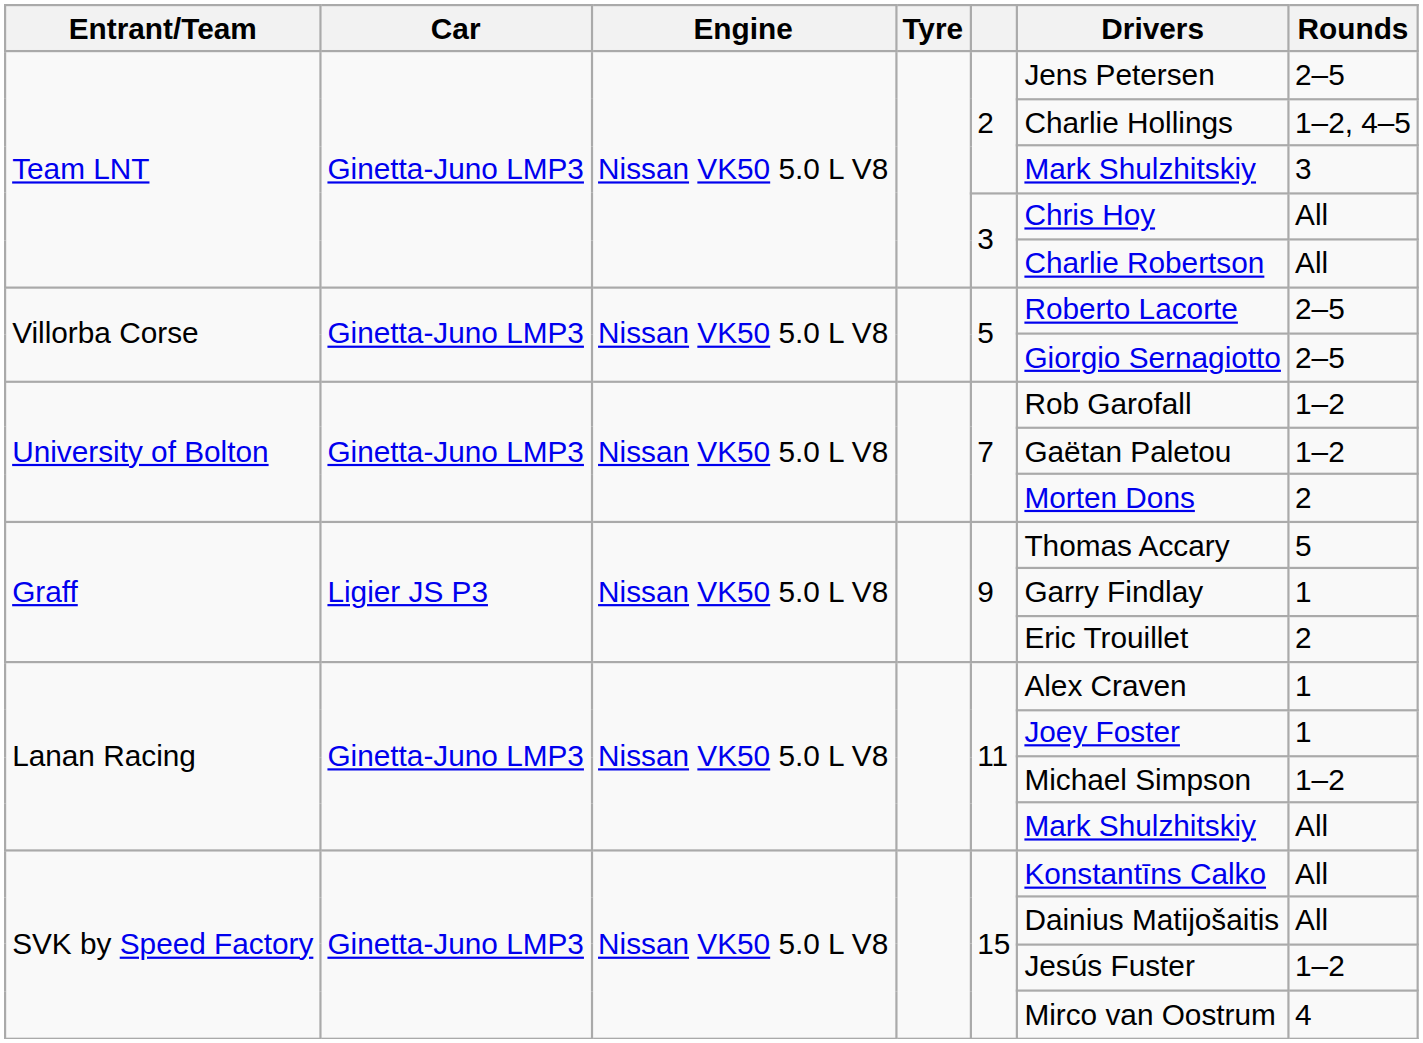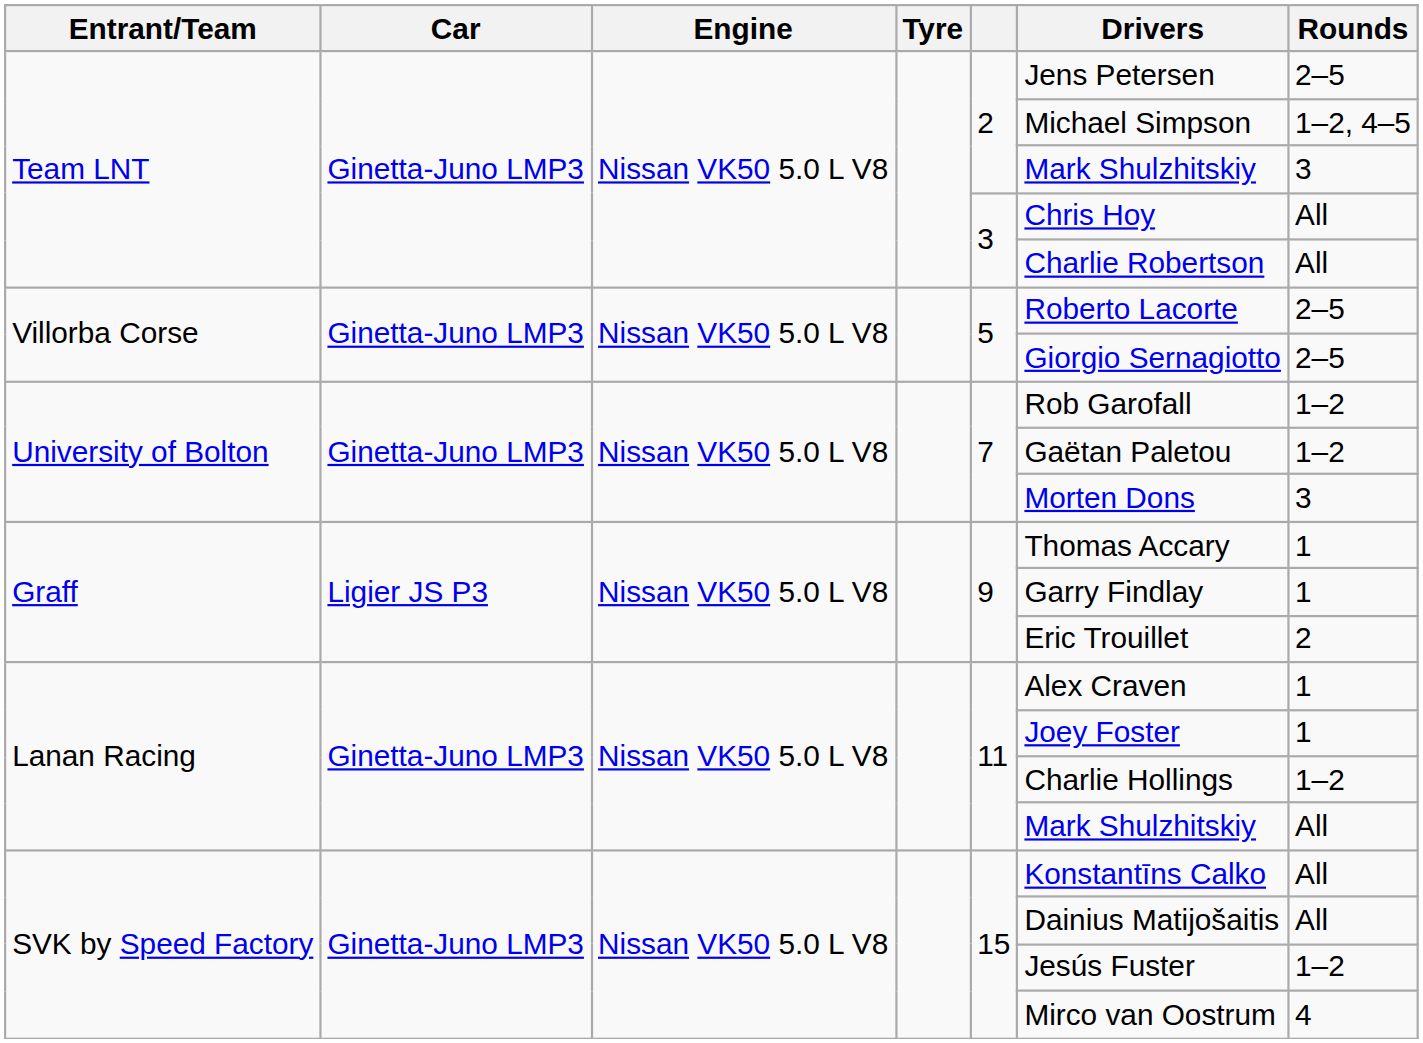 <table class="wikitable" style="font-size: 85%">
 <tr>
 <th>Entrant/Team</th>
 <th>Car</th>
 <th>Engine</th>
 <th>Tyre</th>
 <th></th>
 <th>Drivers</th>
 <th>Rounds</th>
 </tr>
 <tr>
 <td rowspan=5> <a href='#'>Team LNT</a></td>
 <td rowspan=5><a href='#'>Ginetta-Juno LMP3</a></td>
 <td rowspan=5><a href='#'>Nissan</a> <a href='#'>VK50</a> 5.0 L V8</td>
 <td rowspan=5></td>
 <td rowspan=3>2</td>
 <td> Jens Petersen</td>
 <td>2–5</td>
 </tr>
 <tr>
-<td> Charlie Hollings</td>
+<td> Michael Simpson</td>
 <td>1–2, 4–5</td>
 </tr>
 <tr>
 <td> <a href='#'>Mark Shulzhitskiy</a></td>
 <td>3</td>
 </tr>
 <tr>
 <td rowspan=2>3</td>
 <td> <a href='#'>Chris Hoy</a></td>
 <td>All</td>
 </tr>
 <tr>
 <td> <a href='#'>Charlie Robertson</a></td>
 <td>All</td>
 </tr>
 <tr>
 <td rowspan=2> Villorba Corse</td>
 <td rowspan=2><a href='#'>Ginetta-Juno LMP3</a></td>
 <td rowspan=2><a href='#'>Nissan</a> <a href='#'>VK50</a> 5.0 L V8</td>
 <td rowspan=2></td>
 <td rowspan=2>5</td>
 <td> <a href='#'>Roberto Lacorte</a></td>
 <td>2–5</td>
 </tr>
 <tr>
 <td> <a href='#'>Giorgio Sernagiotto</a></td>
 <td>2–5</td>
 </tr>
 <tr>
 <td rowspan=3> <a href='#'>University of Bolton</a></td>
 <td rowspan=3><a href='#'>Ginetta-Juno LMP3</a></td>
 <td rowspan=3><a href='#'>Nissan</a> <a href='#'>VK50</a> 5.0 L V8</td>
 <td rowspan=3></td>
 <td rowspan=3>7</td>
 <td> Rob Garofall</td>
 <td>1–2</td>
 </tr>
 <tr>
 <td> Gaëtan Paletou</td>
 <td>1–2</td>
 </tr>
 <tr>
 <td> <a href='#'>Morten Dons</a></td>
-<td>2</td>
+<td>3</td>
 </tr>
 <tr>
 <td rowspan=3> <a href='#'>Graff</a></td>
 <td rowspan=3><a href='#'>Ligier JS P3</a></td>
 <td rowspan=3><a href='#'>Nissan</a> <a href='#'>VK50</a> 5.0 L V8</td>
 <td rowspan=3></td>
 <td rowspan=3>9</td>
 <td> Thomas Accary</td>
-<td>5</td>
+<td>1</td>
 </tr>
 <tr>
 <td> Garry Findlay</td>
 <td>1</td>
 </tr>
 <tr>
 <td> Eric Trouillet</td>
 <td>2</td>
 </tr>
 <tr>
 <td rowspan=4> Lanan Racing</td>
 <td rowspan=4><a href='#'>Ginetta-Juno LMP3</a></td>
 <td rowspan=4><a href='#'>Nissan</a> <a href='#'>VK50</a> 5.0 L V8</td>
 <td rowspan=4></td>
 <td rowspan=4>11</td>
 <td> Alex Craven</td>
 <td>1</td>
 </tr>
 <tr>
 <td> <a href='#'>Joey Foster</a></td>
 <td>1</td>
 </tr>
 <tr>
-<td> Michael Simpson</td>
+<td> Charlie Hollings</td>
 <td>1–2</td>
 </tr>
 <tr>
 <td> <a href='#'>Mark Shulzhitskiy</a></td>
 <td>All</td>
 </tr>
 <tr>
 <td rowspan=4> SVK by <a href='#'>Speed Factory</a></td>
 <td rowspan=4><a href='#'>Ginetta-Juno LMP3</a></td>
 <td rowspan=4><a href='#'>Nissan</a> <a href='#'>VK50</a> 5.0 L V8</td>
 <td rowspan=4></td>
 <td rowspan=4>15</td>
 <td> <a href='#'>Konstantīns Calko</a></td>
 <td>All</td>
 </tr>
 <tr>
 <td> Dainius Matijošaitis</td>
 <td>All</td>
 </tr>
 <tr>
 <td> Jesús Fuster</td>
 <td>1–2</td>
 </tr>
 <tr>
 <td> Mirco van Oostrum</td>
 <td>4</td>
 </tr>
 </table>
